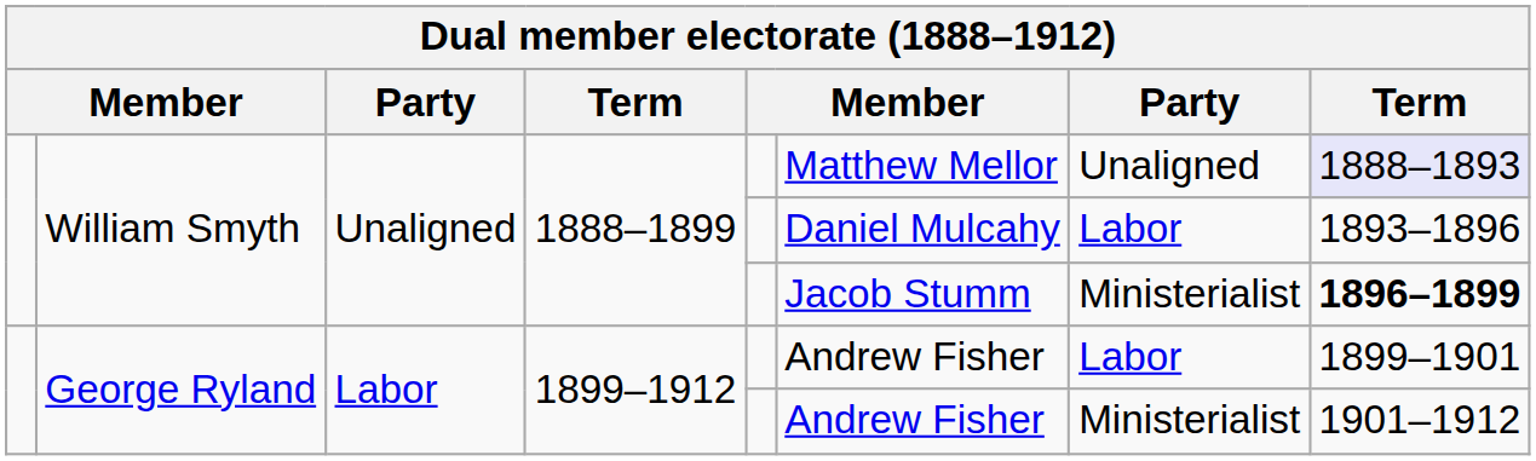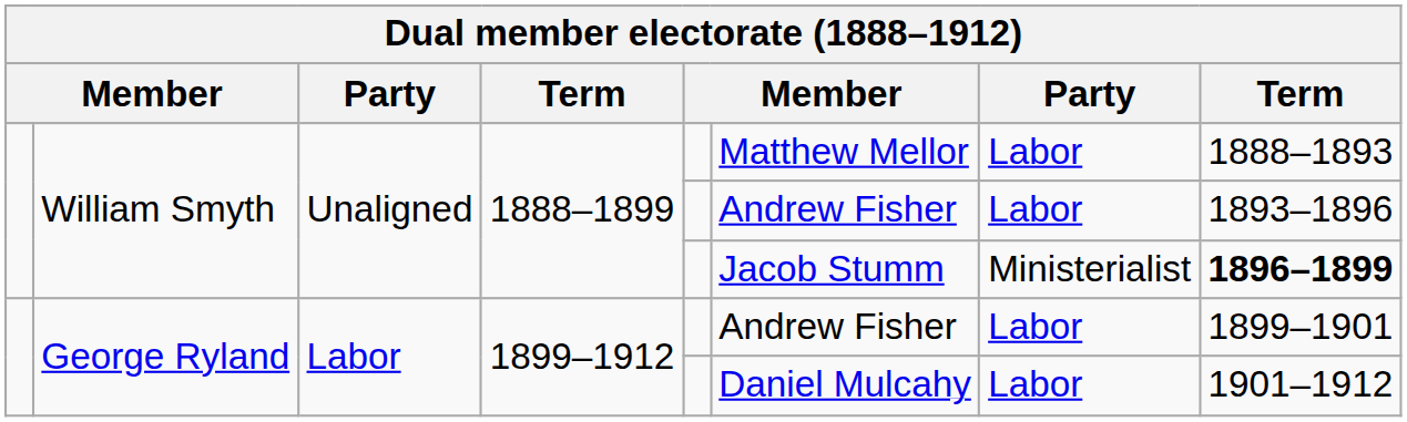 <table class="wikitable">
 <tr>
 <th colspan="8">Dual member electorate (1888–1912)</th>
 </tr>
 <tr>
 <th colspan="2">Member</th>
 <th>Party</th>
 <th>Term</th>
 <th colspan="2">Member</th>
 <th>Party</th>
 <th>Term</th>
 </tr>
 <tr>
 <td rowspan="3" > </td>
 <td rowspan="3">William Smyth</td>
 <td rowspan="3">Unaligned</td>
 <td rowspan="3">1888–1899</td>
 <td> </td>
 <td><a href='#'>Matthew Mellor</a></td>
-<td>Unaligned</td>
-<td style="background: lavender;">1888–1893</td>
+<td><a href='#'>Labor</a></td>
+<td>1888–1893</td>
 </tr>
 <tr>
 <td> </td>
-<td><a href='#'>Daniel Mulcahy</a></td>
+<td><a href='#'>Andrew Fisher</a></td>
 <td><a href='#'>Labor</a></td>
 <td>1893–1896</td>
 </tr>
 <tr>
 <td> </td>
 <td><a href='#'>Jacob Stumm</a></td>
 <td>Ministerialist</td>
 <td><strong>1896–1899</strong></td>
 </tr>
 <tr>
 <td rowspan="2" > </td>
 <td rowspan="2"><a href='#'>George Ryland</a></td>
 <td rowspan="2"><a href='#'>Labor</a></td>
 <td rowspan="2">1899–1912</td>
 <td> </td>
 <td>Andrew Fisher</td>
 <td><a href='#'>Labor</a></td>
 <td>1899–1901</td>
 </tr>
 <tr>
 <td> </td>
-<td><a href='#'>Andrew Fisher</a></td>
-<td>Ministerialist</td>
+<td><a href='#'>Daniel Mulcahy</a></td>
+<td><a href='#'>Labor</a></td>
 <td>1901–1912</td>
 </tr>
 </table>
